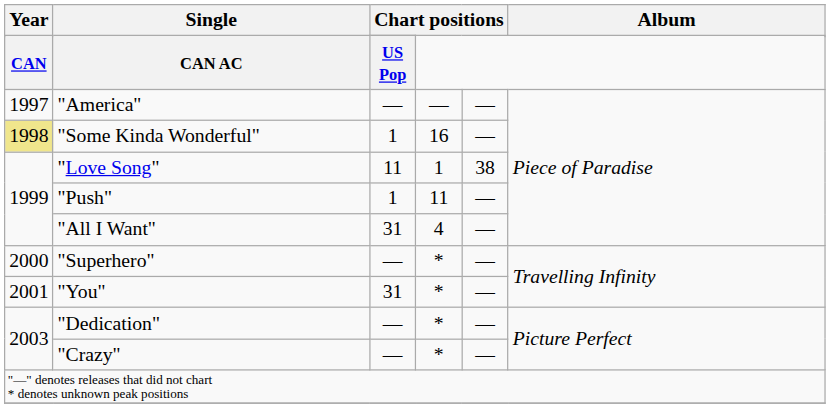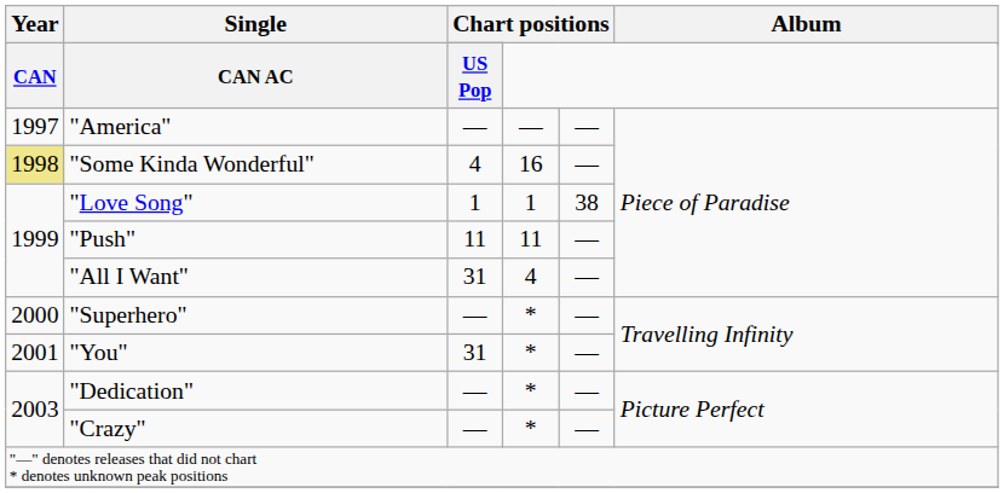 <table class="wikitable">
 <tr>
 <th width="28" rowspan="2">Year</th>
 <th width="250" rowspan="2">Single</th>
 <th colspan="3">Chart positions</th>
 <th width="250" rowspan="2">Album</th>
 </tr>
 <tr>
 </tr>
 <tr bgcolor="#DDDDDD">
 <th width="30"><small><a href='#'>CAN</a></small></th>
 <th width="30"><small>CAN AC</small></th>
 <th width="30"><small><a href='#'>US Pop</a></small></th>
 </tr>
 <tr>
 <td align="left" rowspan="1">1997</td>
 <td align="left">"America"</td>
 <td align="center">—</td>
 <td align="center">—</td>
 <td align="center">—</td>
 <td align="left" rowspan="5"><em>Piece of Paradise</em></td>
 </tr>
 <tr>
 <td align="left" rowspan="1" style="background: khaki;">1998</td>
 <td align="left">"Some Kinda Wonderful"</td>
-<td align="center">1</td>
+<td align="center">4</td>
 <td align="center">16</td>
 <td align="center">—</td>
 </tr>
 <tr>
 <td align="left" rowspan="3">1999</td>
 <td align="left">"<a href='#'>Love Song</a>"</td>
-<td align="center">11</td>
+<td align="center">1</td>
 <td align="center">1</td>
 <td align="center">38</td>
 </tr>
 <tr>
 <td align="left">"Push"</td>
-<td align="center">1</td>
+<td align="center">11</td>
 <td align="center">11</td>
 <td align="center">—</td>
 </tr>
 <tr>
 <td align="left">"All I Want"</td>
 <td align="center">31</td>
 <td align="center">4</td>
 <td align="center">—</td>
 </tr>
 <tr>
 <td align="left" rowspan="1">2000</td>
 <td align="left">"Superhero"</td>
 <td align="center">—</td>
 <td align="center">*</td>
 <td align="center">—</td>
 <td align="left" rowspan="2"><em>Travelling Infinity</em></td>
 </tr>
 <tr>
 <td align="left" rowspan="1">2001</td>
 <td align="left">"You"</td>
 <td align="center">31</td>
 <td align="center">*</td>
 <td align="center">—</td>
 </tr>
 <tr>
 <td align="left" rowspan="2">2003</td>
 <td align="left">"Dedication"</td>
 <td align="center">—</td>
 <td align="center">*</td>
 <td align="center">—</td>
 <td align="left" rowspan="2"><em>Picture Perfect</em></td>
 </tr>
 <tr>
 <td align="left">"Crazy"</td>
 <td align="center">—</td>
 <td align="center">*</td>
 <td align="center">—</td>
 </tr>
 <tr>
 <td colspan="7" style="font-size:8pt">"—" denotes releases that did not chart<br>* denotes unknown peak positions</td>
 </tr>
 <tr>
 </tr>
 </table>
